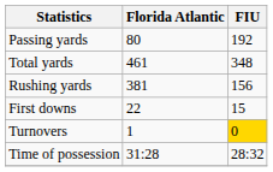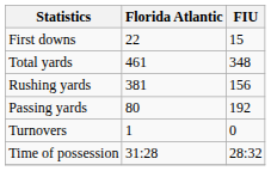 <table class="wikitable">
 <tr>
 <th>Statistics</th>
 <th>Florida Atlantic</th>
 <th>FIU</th>
 </tr>
 <tr>
-<td>Passing yards</td>
-<td>80</td>
-<td>192</td>
+<td>First downs</td>
+<td>22</td>
+<td>15</td>
 </tr>
 <tr>
 <td>Total yards</td>
 <td>461</td>
 <td>348</td>
 </tr>
 <tr>
 <td>Rushing yards</td>
 <td>381</td>
 <td>156</td>
 </tr>
 <tr>
-<td>First downs</td>
-<td>22</td>
-<td>15</td>
+<td>Passing yards</td>
+<td>80</td>
+<td>192</td>
 </tr>
 <tr>
 <td>Turnovers</td>
 <td>1</td>
-<td style="background: gold;">0</td>
+<td>0</td>
 </tr>
 <tr>
 <td>Time of possession</td>
 <td>31:28</td>
 <td>28:32</td>
 </tr>
 <tr>
 </tr>
 </table>
